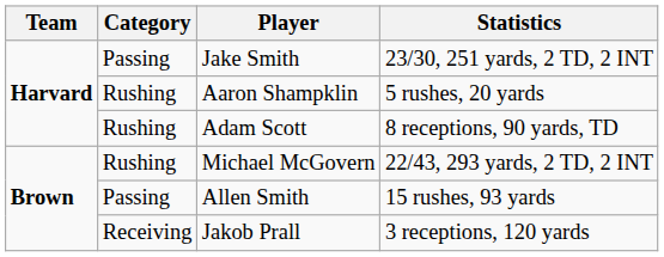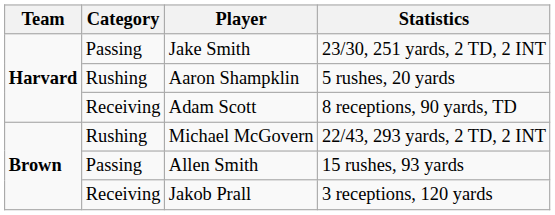 <table class="wikitable" style="float: left;">
 <tr>
 <th>Team</th>
 <th>Category</th>
 <th>Player</th>
 <th>Statistics</th>
 </tr>
 <tr>
 <td rowspan=3><strong>Harvard</strong></td>
 <td>Passing</td>
 <td>Jake Smith</td>
 <td>23/30, 251 yards, 2 TD, 2 INT</td>
 </tr>
 <tr>
 <td>Rushing</td>
 <td>Aaron Shampklin</td>
 <td>5 rushes, 20 yards</td>
 </tr>
 <tr>
-<td>Rushing</td>
+<td>Receiving</td>
 <td>Adam Scott</td>
 <td>8 receptions, 90 yards, TD</td>
 </tr>
 <tr>
 <td rowspan=3><strong>Brown</strong></td>
 <td>Rushing</td>
 <td>Michael McGovern</td>
 <td>22/43, 293 yards, 2 TD, 2 INT</td>
 </tr>
 <tr>
 <td>Passing</td>
 <td>Allen Smith</td>
 <td>15 rushes, 93 yards</td>
 </tr>
 <tr>
 <td>Receiving</td>
 <td>Jakob Prall</td>
 <td>3 receptions, 120 yards</td>
 </tr>
 </table>
